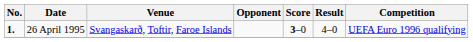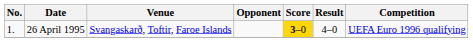 <table class="wikitable">
 <tr>
 <th>No.</th>
 <th>Date</th>
 <th>Venue</th>
 <th>Opponent</th>
 <th>Score</th>
 <th>Result</th>
 <th>Competition</th>
 </tr>
 <tr>
-<td><strong>1.</strong></td>
+<td>1.</td>
 <td>26 April 1995</td>
 <td><a href='#'>Svangaskarð</a>, <a href='#'>Toftir</a>, <a href='#'>Faroe Islands</a></td>
 <td></td>
-<td align=center><strong>3</strong>–0</td>
+<td align=center style="background: gold;"><strong>3</strong>–0</td>
 <td align=center>4–0</td>
 <td><a href='#'>UEFA Euro 1996 qualifying</a></td>
 </tr>
 <tr>
 </tr>
 </table>
